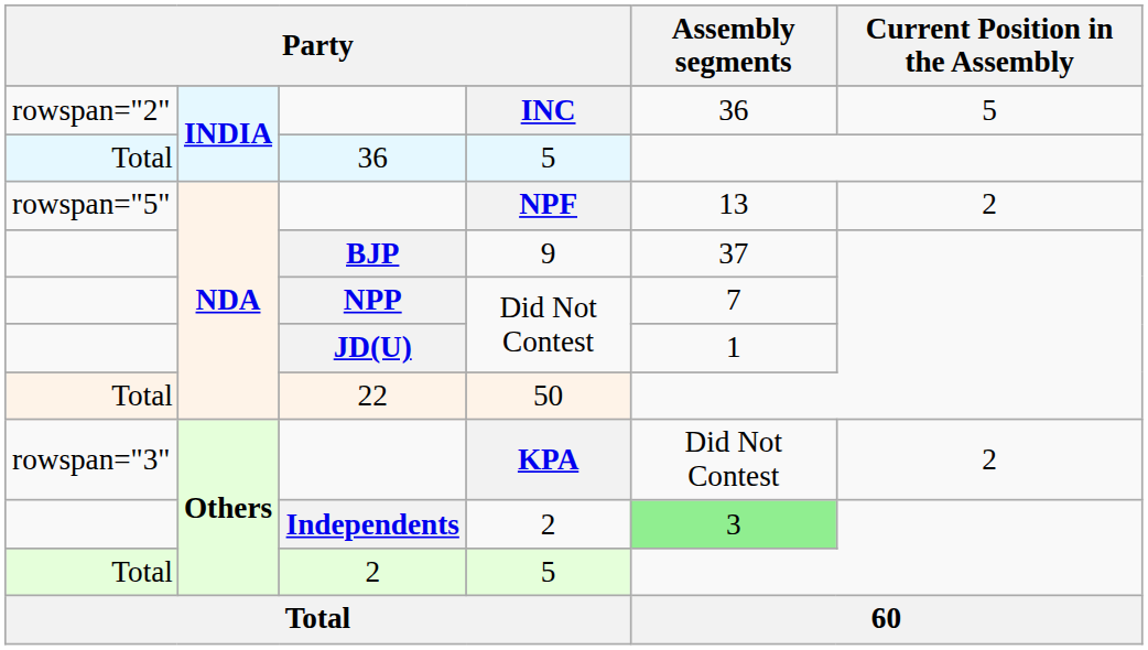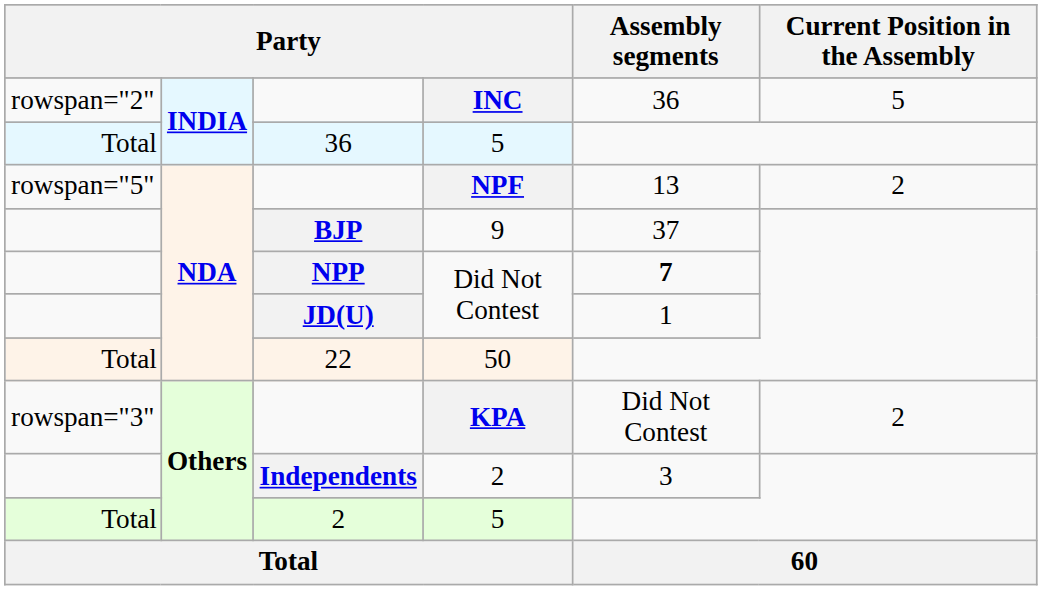 <table class="wikitable" style="text-align:center">
 <tr>
 <th colspan=4>Party</th>
 <th>Assembly segments</th>
 <th>Current Position in the Assembly</th>
 </tr>
 <tr>
 <td>rowspan="2" </td>
 <th rowspan="2"style="background:#E5F8FF"><a href='#'>INDIA</a></th>
 <td></td>
 <th><a href='#'>INC</a></th>
 <td>36</td>
 <td>5</td>
 </tr>
 <tr>
 <td colspan="2"style="background:#E5F8FF">Total</td>
 <td style="background:#E5F8FF">36</td>
 <td style="background:#E5F8FF">5</td>
 </tr>
 <tr>
 <td>rowspan="5" </td>
 <th rowspan="5"style="background:#fef3e8"><a href='#'>NDA</a></th>
 <td></td>
 <th><a href='#'>NPF</a></th>
 <td>13</td>
 <td>2</td>
 </tr>
 <tr>
 <td></td>
 <th><a href='#'>BJP</a></th>
 <td>9</td>
 <td>37</td>
 </tr>
 <tr>
 <td></td>
 <th><a href='#'>NPP</a></th>
 <td rowspan=2>Did Not Contest</td>
-<td>7</td>
+<td><strong>7</strong></td>
 </tr>
 <tr>
 <td></td>
 <th><a href='#'>JD(U)</a></th>
 <td>1</td>
 </tr>
 <tr>
 <td colspan="2"style="background:#fef3e8">Total</td>
 <td style="background:#fef3e8">22</td>
 <td style="background:#fef3e8">50</td>
 </tr>
 <tr>
 <td>rowspan="3" </td>
 <th rowspan="3"style="background:#E5FFDA">Others</th>
 <td></td>
 <th><a href='#'>KPA</a></th>
 <td>Did Not Contest</td>
 <td>2</td>
 </tr>
 <tr>
 <td></td>
 <th><a href='#'>Independents</a></th>
 <td>2</td>
-<td style="background: lightgreen;">3</td>
+<td>3</td>
 </tr>
 <tr>
 <td colspan="2"style="background:#E5FFDA">Total</td>
 <td style="background:#E5FFDA">2</td>
 <td style="background:#E5FFDA">5</td>
 </tr>
 <tr>
 <th colspan="4">Total</th>
 <th colspan=2>60</th>
 </tr>
 </table>
